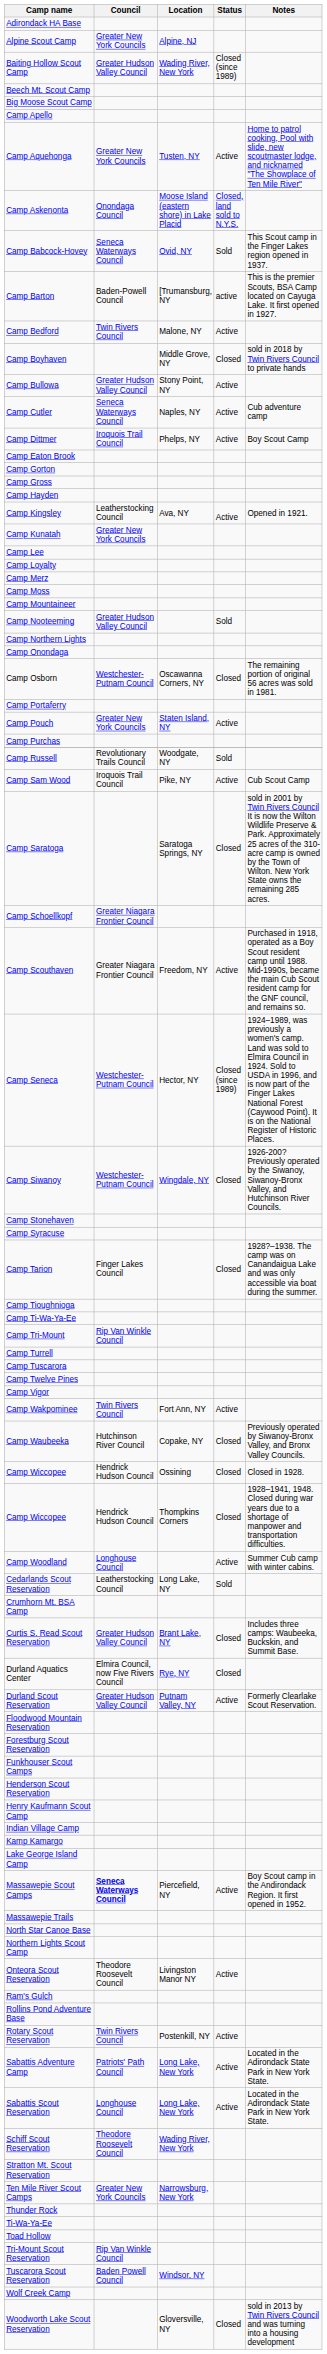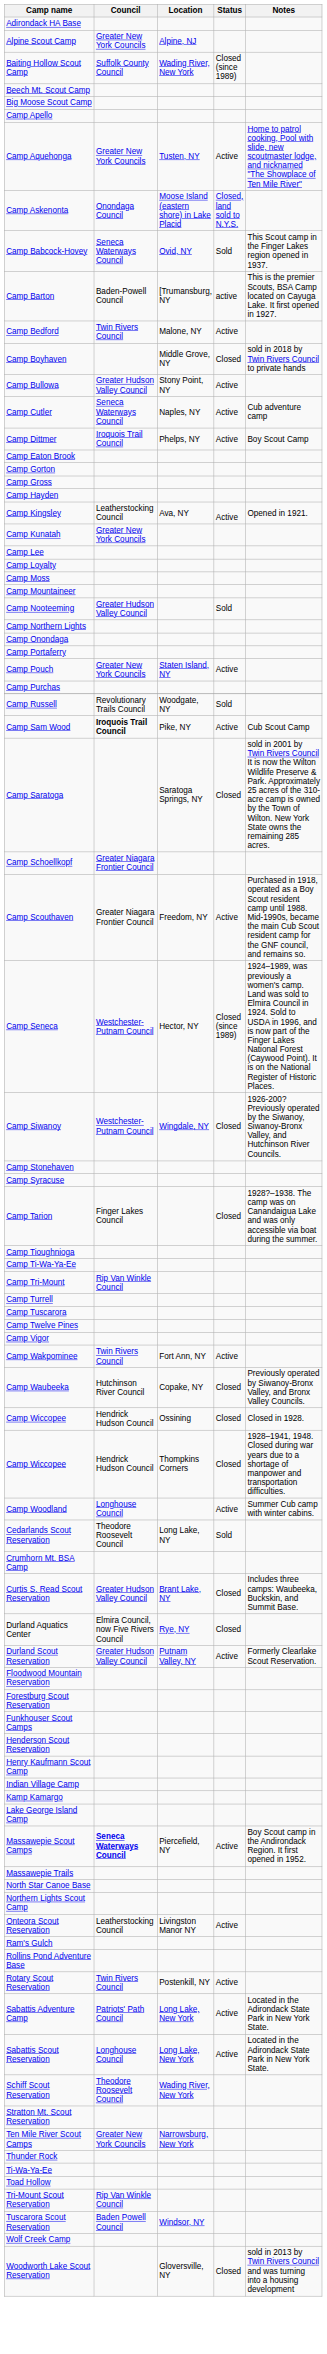 <table class="wikitable sortable" border="1" width="100%">
 <tr>
 <th scope="col" width="30%">Camp name</th>
 <th scope="col" width="20%">Council</th>
 <th scope="col" width="15%">Location</th>
 <th scope="col" width="10%">Status</th>
 <th scope="col" width="25%"  class="unsortable">Notes</th>
 </tr>
 <tr>
 <td><a href='#'>Adirondack HA Base</a></td>
 <td></td>
 <td></td>
 <td></td>
 <td></td>
 </tr>
 <tr>
 <td><a href='#'>Alpine Scout Camp</a></td>
 <td><a href='#'>Greater New York Councils</a></td>
 <td><a href='#'>Alpine, NJ</a></td>
 <td></td>
 <td></td>
 </tr>
 <tr>
 <td><a href='#'>Baiting Hollow Scout Camp</a></td>
-<td><a href='#'>Greater Hudson Valley Council</a></td>
+<td><a href='#'>Suffolk County Council</a></td>
 <td><a href='#'>Wading River, New York</a></td>
 <td>Closed (since 1989)</td>
 <td></td>
 </tr>
 <tr>
 <td><a href='#'>Beech Mt. Scout Camp</a></td>
 <td></td>
 <td></td>
 <td></td>
 <td></td>
 </tr>
 <tr>
 <td><a href='#'>Big Moose Scout Camp</a></td>
 <td></td>
 <td></td>
 <td></td>
 <td></td>
 </tr>
 <tr>
 <td><a href='#'>Camp Apello</a></td>
 <td></td>
 <td></td>
 <td></td>
 <td></td>
 </tr>
 <tr>
 <td><a href='#'>Camp Aquehonga</a></td>
 <td><a href='#'>Greater New York Councils</a></td>
 <td><a href='#'>Tusten, NY</a></td>
 <td>Active</td>
 <td><a href='#'>Home to patrol cooking, Pool with slide, new scoutmaster lodge, and nicknamed "The Showplace of Ten Mile River"</a></td>
 </tr>
 <tr>
 <td><a href='#'>Camp Askenonta</a></td>
 <td><a href='#'>Onondaga Council</a></td>
 <td><a href='#'>Moose Island (eastern shore) in Lake Placid</a></td>
 <td><a href='#'>Closed, land sold to N.Y.S.</a></td>
 <td></td>
 </tr>
 <tr>
 <td><a href='#'>Camp Babcock-Hovey</a></td>
 <td><a href='#'>Seneca Waterways Council</a></td>
 <td><a href='#'>Ovid, NY</a></td>
 <td>Sold</td>
 <td>This Scout camp in the Finger Lakes region opened in 1937.</td>
 </tr>
 <tr>
 <td><a href='#'>Camp Barton</a></td>
 <td>Baden-Powell Council</td>
 <td>[Trumansburg, NY</td>
 <td>active</td>
 <td>This is the premier Scouts, BSA Camp located on Cayuga Lake.  It first opened in 1927.</td>
 </tr>
 <tr>
 <td><a href='#'>Camp Bedford</a></td>
 <td><a href='#'>Twin Rivers Council</a></td>
 <td>Malone, NY</td>
 <td>Active</td>
 <td></td>
 </tr>
 <tr>
 <td><a href='#'>Camp Boyhaven</a></td>
 <td></td>
 <td>Middle Grove, NY</td>
 <td>Closed</td>
 <td>sold in 2018 by <a href='#'>Twin Rivers Council</a> to private hands</td>
 </tr>
 <tr>
 <td><a href='#'>Camp Bullowa</a></td>
 <td><a href='#'>Greater Hudson Valley Council</a></td>
 <td>Stony Point, NY</td>
 <td>Active</td>
 </tr>
 <tr>
 <td><a href='#'>Camp Cutler</a></td>
 <td><a href='#'>Seneca Waterways Council</a></td>
 <td>Naples, NY</td>
 <td>Active</td>
 <td>Cub adventure camp</td>
 </tr>
 <tr>
 <td><a href='#'>Camp Dittmer</a></td>
 <td><a href='#'>Iroquois Trail Council</a></td>
 <td>Phelps, NY</td>
 <td>Active</td>
 <td>Boy Scout Camp</td>
 </tr>
 <tr>
 <td><a href='#'>Camp Eaton Brook</a></td>
 <td></td>
 <td></td>
 <td></td>
 <td></td>
 </tr>
 <tr>
 <td><a href='#'>Camp Gorton</a></td>
 <td></td>
 <td></td>
 <td></td>
 <td></td>
 </tr>
 <tr>
 <td><a href='#'>Camp Gross</a></td>
 <td></td>
 <td></td>
 <td></td>
 <td></td>
 </tr>
 <tr>
 <td><a href='#'>Camp Hayden</a></td>
 <td></td>
 <td></td>
 <td></td>
 <td></td>
 </tr>
 <tr>
 <td><a href='#'>Camp Kingsley</a></td>
 <td>Leatherstocking Council</td>
 <td>Ava, NY</td>
 <td><br>Active</td>
 <td>Opened in 1921.</td>
 </tr>
 <tr>
 <td><a href='#'>Camp Kunatah</a></td>
 <td><a href='#'>Greater New York Councils</a></td>
 <td></td>
 <td></td>
 <td></td>
 </tr>
 <tr>
 <td><a href='#'>Camp Lee</a></td>
 <td></td>
 <td></td>
 <td></td>
 <td></td>
 </tr>
 <tr>
 <td><a href='#'>Camp Loyalty</a></td>
 <td></td>
 <td></td>
 <td></td>
 <td></td>
 </tr>
 <tr>
-<td><a href='#'>Camp Merz</a></td>
-<td></td>
-<td></td>
-<td></td>
-<td></td>
-</tr>
-<tr>
 <td><a href='#'>Camp Moss</a></td>
 <td></td>
 <td></td>
 <td></td>
 <td></td>
 </tr>
 <tr>
 <td><a href='#'>Camp Mountaineer</a></td>
 <td></td>
 <td></td>
 <td></td>
 <td></td>
 </tr>
 <tr>
 <td><a href='#'>Camp Nooteeming</a></td>
 <td><a href='#'>Greater Hudson Valley Council</a></td>
 <td></td>
 <td>Sold</td>
 </tr>
 <tr>
 <td><a href='#'>Camp Northern Lights</a></td>
 <td></td>
 <td></td>
 <td></td>
 <td></td>
 </tr>
 <tr>
 <td><a href='#'>Camp Onondaga</a></td>
 <td></td>
 <td></td>
 <td></td>
 <td></td>
-</tr>
-<tr>
-<td>Camp Osborn</td>
-<td><a href='#'>Westchester-Putnam Council</a></td>
-<td>Oscawanna Corners, NY</td>
-<td>Closed</td>
-<td>The remaining portion of original 56 acres was sold in 1981.</td>
 </tr>
 <tr>
 <td><a href='#'>Camp Portaferry</a></td>
 <td></td>
 <td></td>
 <td></td>
 <td></td>
 </tr>
 <tr>
 <td><a href='#'>Camp Pouch</a></td>
 <td><a href='#'>Greater New York Councils</a></td>
 <td><a href='#'>Staten Island, NY</a></td>
 <td>Active</td>
 <td></td>
 </tr>
 <tr>
 <td><a href='#'>Camp Purchas</a></td>
 <td></td>
 <td></td>
 <td></td>
 <td></td>
 </tr>
 <tr>
 </tr>
 <tr>
 </tr>
 <tr>
 <td><a href='#'>Camp Russell</a></td>
 <td>Revolutionary Trails Council</td>
 <td>Woodgate, NY</td>
 <td>Sold</td>
 <td></td>
 </tr>
 <tr>
 <td><a href='#'>Camp Sam Wood</a></td>
-<td>Iroquois Trail Council</td>
+<td><strong>Iroquois Trail Council</strong></td>
 <td>Pike, NY</td>
 <td>Active</td>
 <td>Cub Scout Camp</td>
 </tr>
 <tr>
 <td><a href='#'>Camp Saratoga</a></td>
 <td></td>
 <td>Saratoga Springs, NY</td>
 <td>Closed</td>
 <td>sold in 2001 by <a href='#'>Twin Rivers Council</a> It is now the Wilton Wildlife Preserve & Park.  Approximately 25 acres of the 310-acre camp is owned by the Town of Wilton.  New York State owns the remaining 285 acres.</td>
 </tr>
 <tr>
 <td><a href='#'>Camp Schoellkopf</a></td>
 <td><a href='#'>Greater Niagara Frontier Council</a></td>
 <td></td>
 <td></td>
 <td></td>
 </tr>
 <tr>
 <td><a href='#'>Camp Scouthaven</a></td>
 <td>Greater Niagara Frontier Council</td>
 <td>Freedom, NY</td>
 <td>Active</td>
 <td>Purchased in 1918, operated as a Boy Scout resident camp until 1988. Mid-1990s, became the main Cub Scout resident camp for the GNF council, and remains so.</td>
 </tr>
 <tr>
 <td><a href='#'>Camp Seneca</a></td>
 <td><a href='#'>Westchester-Putnam Council</a></td>
 <td>Hector, NY</td>
 <td>Closed (since 1989)</td>
 <td>1924–1989, was previously a women's camp. Land was sold to Elmira Council in 1924. Sold to USDA in 1996, and is now part of the Finger Lakes National Forest (Caywood Point). It is on the National Register of Historic Places.</td>
 </tr>
 <tr>
 <td><a href='#'>Camp Siwanoy</a></td>
 <td><a href='#'>Westchester-Putnam Council</a></td>
 <td><a href='#'>Wingdale, NY</a></td>
 <td>Closed</td>
 <td>1926-200? Previously operated by the Siwanoy, Siwanoy-Bronx Valley, and Hutchinson River Councils.</td>
 </tr>
 <tr>
 <td><a href='#'>Camp Stonehaven</a></td>
 <td></td>
 <td></td>
 <td></td>
 <td></td>
 </tr>
 <tr>
 <td><a href='#'>Camp Syracuse</a></td>
 <td></td>
 <td></td>
 <td></td>
 <td></td>
 </tr>
 <tr>
 <td><a href='#'>Camp Tarion</a></td>
 <td>Finger Lakes Council</td>
 <td></td>
 <td>Closed</td>
 <td>1928?–1938. The camp was on Canandaigua Lake and was only accessible via boat during the summer.</td>
 </tr>
 <tr>
 <td><a href='#'>Camp Tioughnioga</a></td>
 <td></td>
 <td></td>
 <td></td>
 <td></td>
 </tr>
 <tr>
 <td><a href='#'>Camp Ti-Wa-Ya-Ee</a></td>
 <td></td>
 <td></td>
 <td></td>
 <td></td>
 </tr>
 <tr>
 <td><a href='#'>Camp Tri-Mount</a></td>
 <td><a href='#'>Rip Van Winkle Council</a></td>
 <td></td>
 <td></td>
 <td></td>
 </tr>
 <tr>
 <td><a href='#'>Camp Turrell</a></td>
 <td></td>
 <td></td>
 <td></td>
 <td></td>
 </tr>
 <tr>
 <td><a href='#'>Camp Tuscarora</a></td>
 <td></td>
 <td></td>
 <td></td>
 <td></td>
 </tr>
 <tr>
 <td><a href='#'>Camp Twelve Pines</a></td>
 <td></td>
 <td></td>
 <td></td>
 <td></td>
 </tr>
 <tr>
 <td><a href='#'>Camp Vigor</a></td>
 <td></td>
 <td></td>
 <td></td>
 <td></td>
 </tr>
 <tr>
 <td><a href='#'>Camp Wakpominee</a></td>
 <td><a href='#'>Twin Rivers Council</a></td>
 <td>Fort Ann, NY</td>
 <td>Active</td>
 <td></td>
 </tr>
 <tr>
 <td><a href='#'>Camp Waubeeka</a></td>
 <td>Hutchinson River Council</td>
 <td>Copake, NY</td>
 <td>Closed</td>
 <td>Previously operated by Siwanoy-Bronx Valley, and Bronx Valley Councils.</td>
 </tr>
 <tr>
 <td><a href='#'>Camp Wiccopee</a></td>
 <td>Hendrick Hudson Council</td>
 <td>Ossining</td>
 <td>Closed</td>
 <td>Closed in 1928.</td>
 </tr>
 <tr>
 <td><a href='#'>Camp Wiccopee</a></td>
 <td>Hendrick Hudson Council</td>
 <td>Thompkins Corners</td>
 <td>Closed</td>
 <td>1928–1941, 1948. Closed during war years due to a shortage of manpower and transportation difficulties.</td>
 </tr>
 <tr>
 <td><a href='#'>Camp Woodland</a></td>
 <td><a href='#'>Longhouse Council</a></td>
 <td></td>
 <td>Active</td>
 <td>Summer Cub camp with winter cabins.</td>
 </tr>
 <tr>
 <td><a href='#'>Cedarlands Scout Reservation</a></td>
-<td>Leatherstocking Council</td>
+<td>Theodore Roosevelt Council</td>
 <td>Long Lake, NY</td>
 <td>Sold</td>
 <td></td>
 </tr>
 <tr>
 <td><a href='#'>Crumhorn Mt. BSA Camp</a></td>
 <td></td>
 <td></td>
 <td></td>
 <td></td>
 </tr>
 <tr>
 <td><a href='#'>Curtis S. Read Scout Reservation</a></td>
 <td><a href='#'>Greater Hudson Valley Council</a></td>
 <td><a href='#'>Brant Lake, NY</a></td>
 <td>Closed</td>
 <td>Includes three camps: Waubeeka, Buckskin, and Summit Base.</td>
 </tr>
 <tr>
 <td>Durland Aquatics Center</td>
 <td>Elmira Council, now Five Rivers Council</td>
 <td><a href='#'>Rye, NY</a></td>
 <td>Closed</td>
 <td></td>
 </tr>
 <tr>
 <td><a href='#'>Durland Scout Reservation</a></td>
 <td><a href='#'>Greater Hudson Valley Council</a></td>
 <td><a href='#'>Putnam Valley, NY</a></td>
 <td>Active</td>
 <td>Formerly Clearlake Scout Reservation.</td>
 </tr>
 <tr>
 <td><a href='#'>Floodwood Mountain Reservation</a></td>
 <td></td>
 <td></td>
 <td></td>
 <td></td>
 </tr>
 <tr>
 <td><a href='#'>Forestburg Scout Reservation</a></td>
 <td></td>
 <td></td>
 <td></td>
 <td></td>
 </tr>
 <tr>
 <td><a href='#'>Funkhouser Scout Camps</a></td>
 <td></td>
 <td></td>
 <td></td>
 <td></td>
 </tr>
 <tr>
 <td><a href='#'>Henderson Scout Reservation</a></td>
 <td></td>
 <td></td>
 <td></td>
 <td></td>
 </tr>
 <tr>
 <td><a href='#'>Henry Kaufmann Scout Camp</a></td>
 <td></td>
 <td></td>
 <td></td>
 <td></td>
 </tr>
 <tr>
 <td><a href='#'>Indian Village Camp</a></td>
 <td></td>
 <td></td>
 <td></td>
 <td></td>
 </tr>
 <tr>
 <td><a href='#'>Kamp Kamargo</a></td>
 <td></td>
 <td></td>
 <td></td>
 <td></td>
 </tr>
 <tr>
 <td><a href='#'>Lake George Island Camp</a></td>
 <td></td>
 <td></td>
 <td></td>
 <td></td>
 </tr>
 <tr>
 <td><a href='#'>Massawepie Scout Camps</a></td>
 <td><strong><a href='#'>Seneca Waterways Council</a></strong></td>
 <td>Piercefield, NY</td>
 <td>Active</td>
 <td>Boy Scout camp in the Andirondack Region. It first opened in 1952.</td>
 </tr>
 <tr>
 <td><a href='#'>Massawepie Trails</a></td>
 <td></td>
 <td></td>
 <td></td>
 <td></td>
 </tr>
 <tr>
 <td><a href='#'>North Star Canoe Base</a></td>
 <td></td>
 <td></td>
 <td></td>
 <td></td>
 </tr>
 <tr>
 <td><a href='#'>Northern Lights Scout Camp</a></td>
 <td></td>
 <td></td>
 <td></td>
 <td></td>
 </tr>
 <tr>
 <td><a href='#'>Onteora Scout Reservation</a></td>
-<td>Theodore Roosevelt Council</td>
+<td>Leatherstocking Council</td>
 <td>Livingston Manor NY</td>
 <td>Active</td>
 </tr>
 <tr>
 <td><a href='#'>Ram's Gulch</a></td>
 <td></td>
 <td></td>
 <td></td>
 <td></td>
 </tr>
 <tr>
 <td><a href='#'>Rollins Pond Adventure Base</a></td>
 <td></td>
 <td></td>
 <td></td>
 <td></td>
 </tr>
 <tr>
 <td><a href='#'>Rotary Scout Reservation</a></td>
 <td><a href='#'>Twin Rivers Council</a></td>
 <td>Postenkill, NY</td>
 <td>Active</td>
 <td></td>
 </tr>
 <tr>
 <td><a href='#'>Sabattis Adventure Camp</a></td>
 <td><a href='#'>Patriots' Path Council</a></td>
 <td><a href='#'>Long Lake, New York</a></td>
 <td>Active</td>
 <td>Located in the Adirondack State Park in New York State.</td>
 </tr>
 <tr>
 <td><a href='#'>Sabattis Scout Reservation</a></td>
 <td><a href='#'>Longhouse Council</a></td>
 <td><a href='#'>Long Lake, New York</a></td>
 <td>Active</td>
 <td>Located in the Adirondack State Park in New York State.</td>
 </tr>
 <tr>
 <td><a href='#'>Schiff Scout Reservation</a></td>
 <td><a href='#'>Theodore Roosevelt Council</a></td>
 <td><a href='#'>Wading River, New York</a></td>
 <td></td>
 <td></td>
 </tr>
 <tr>
 <td><a href='#'>Stratton Mt. Scout Reservation</a></td>
 <td></td>
 <td></td>
 <td></td>
 <td></td>
 </tr>
 <tr>
 <td><a href='#'>Ten Mile River Scout Camps</a></td>
 <td><a href='#'>Greater New York Councils</a></td>
 <td><a href='#'>Narrowsburg, New York</a></td>
 <td></td>
 <td></td>
 </tr>
 <tr>
 <td><a href='#'>Thunder Rock</a></td>
 <td></td>
 <td></td>
 <td></td>
 <td></td>
 </tr>
 <tr>
 <td><a href='#'>Ti-Wa-Ya-Ee</a></td>
 <td></td>
 <td></td>
 <td></td>
 <td></td>
 </tr>
 <tr>
 <td><a href='#'>Toad Hollow</a></td>
 <td></td>
 <td></td>
 <td></td>
 <td></td>
 </tr>
 <tr>
 <td><a href='#'>Tri-Mount Scout Reservation</a></td>
 <td><a href='#'>Rip Van Winkle Council</a></td>
 <td></td>
 <td></td>
 <td></td>
 </tr>
 <tr>
 <td><a href='#'>Tuscarora Scout Reservation</a></td>
 <td><a href='#'>Baden Powell Council</a></td>
 <td><a href='#'>Windsor, NY</a></td>
 <td></td>
 <td></td>
 </tr>
 <tr>
 <td><a href='#'>Wolf Creek Camp</a></td>
 <td></td>
 <td></td>
 <td></td>
 <td></td>
 </tr>
 <tr>
 <td><a href='#'>Woodworth Lake Scout Reservation</a></td>
 <td></td>
 <td>Gloversville, NY</td>
 <td>Closed</td>
 <td>sold in 2013 by <a href='#'>Twin Rivers Council</a> and was turning into a housing development</td>
 </tr>
 </table>
